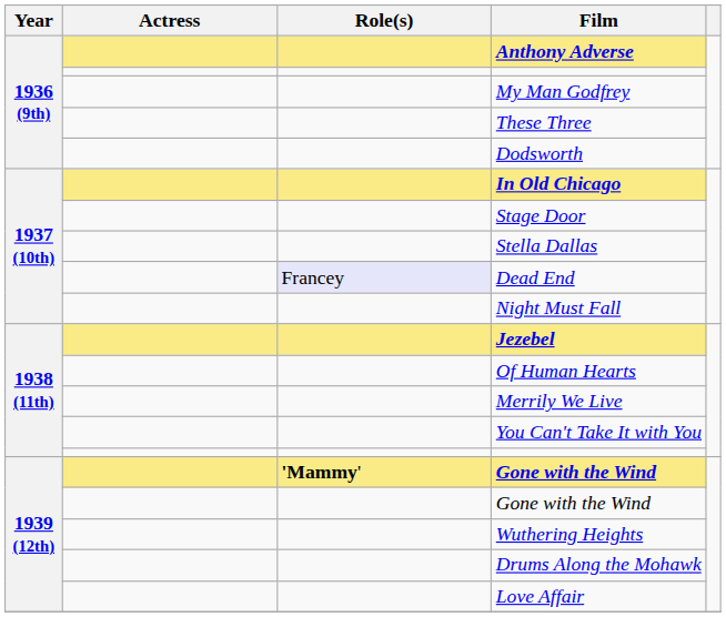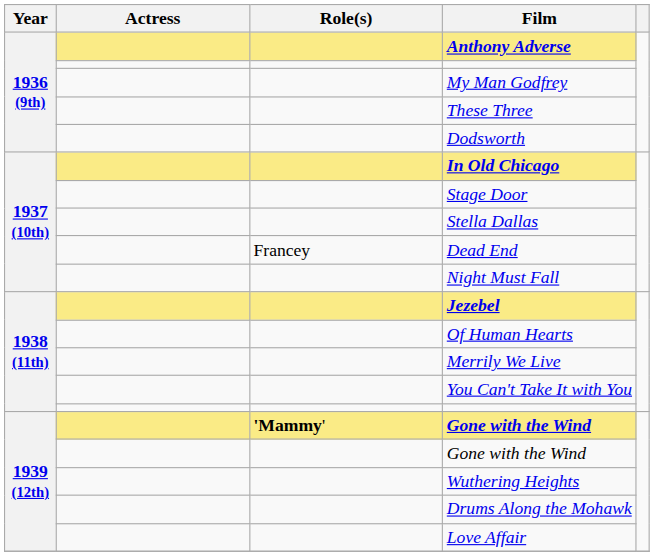 <table class="wikitable sortable" style="text-align:left;">
 <tr>
 <th scope="col" style="width:8%;">Year</th>
 <th scope="col" style="width:30%;">Actress</th>
 <th scope="col" style="width:30%;">Role(s)</th>
 <th scope="col" style="width:30%;">Film</th>
 <th scope="col" style="width:2%;" class="sortable"></th>
 </tr>
 <tr>
 <th scope="row" rowspan=5 style="text-align:center"><a href='#'>1936</a> <br><small><a href='#'>(9th)</a> </small></th>
 <td style="background:#FAEB86;"><strong> </strong></td>
 <td style="background:#FAEB86;"><strong></strong></td>
 <td style="background:#FAEB86;"><strong><em><a href='#'>Anthony Adverse</a></em></strong></td>
 <td rowspan=5></td>
 </tr>
 <tr>
 <td></td>
 <td></td>
 <td></td>
 </tr>
 <tr>
 <td></td>
 <td></td>
 <td><em><a href='#'>My Man Godfrey</a></em></td>
 </tr>
 <tr>
 <td></td>
 <td></td>
 <td><em><a href='#'>These Three</a></em></td>
 </tr>
 <tr>
 <td></td>
 <td></td>
 <td><em><a href='#'>Dodsworth</a></em></td>
 </tr>
 <tr>
 <th scope="row" rowspan=5 style="text-align:center"><a href='#'>1937</a> <br><small><a href='#'>(10th)</a> </small></th>
 <td style="background:#FAEB86;"><strong> </strong></td>
 <td style="background:#FAEB86;"><strong></strong></td>
 <td style="background:#FAEB86;"><strong><em><a href='#'>In Old Chicago</a></em></strong></td>
 <td rowspan=5></td>
 </tr>
 <tr>
 <td></td>
 <td></td>
 <td><em><a href='#'>Stage Door</a></em></td>
 </tr>
 <tr>
 <td></td>
 <td></td>
 <td><em><a href='#'>Stella Dallas</a></em></td>
 </tr>
 <tr>
 <td></td>
-<td style="background: lavender;">Francey</td>
+<td>Francey</td>
 <td><em><a href='#'>Dead End</a></em></td>
 </tr>
 <tr>
 <td></td>
 <td></td>
 <td><em><a href='#'>Night Must Fall</a></em></td>
 </tr>
 <tr>
 <th scope="row" rowspan=5 style="text-align:center"><a href='#'>1938</a> <br><small><a href='#'>(11th)</a> </small></th>
 <td style="background:#FAEB86;"><strong> </strong></td>
 <td style="background:#FAEB86;"><strong></strong></td>
 <td style="background:#FAEB86;"><strong><em><a href='#'>Jezebel</a></em></strong></td>
 <td rowspan=5></td>
 </tr>
 <tr>
 <td></td>
 <td></td>
 <td><em><a href='#'>Of Human Hearts</a></em></td>
 </tr>
 <tr>
 <td></td>
 <td></td>
 <td><em><a href='#'>Merrily We Live</a></em></td>
 </tr>
 <tr>
 <td></td>
 <td></td>
 <td><em><a href='#'>You Can't Take It with You</a></em></td>
 </tr>
 <tr>
 <td></td>
 <td></td>
 <td></td>
 </tr>
 <tr>
 <th scope="row" rowspan=5 style="text-align:center"><a href='#'>1939</a> <br><small><a href='#'>(12th)</a> </small></th>
 <td style="background:#FAEB86;"><strong> </strong></td>
 <td style="background:#FAEB86;"><strong>'Mammy</strong>'</td>
 <td style="background:#FAEB86;"><strong><em><a href='#'>Gone with the Wind</a></em></strong></td>
 <td rowspan=5></td>
 </tr>
 <tr>
 <td></td>
 <td></td>
 <td><em>Gone with the Wind</em></td>
 </tr>
 <tr>
 <td></td>
 <td></td>
 <td><em><a href='#'>Wuthering Heights</a></em></td>
 </tr>
 <tr>
 <td></td>
 <td></td>
 <td><em><a href='#'>Drums Along the Mohawk</a></em></td>
 </tr>
 <tr>
 <td></td>
 <td></td>
 <td><em><a href='#'>Love Affair</a></em></td>
 </tr>
 <tr>
 </tr>
 </table>
